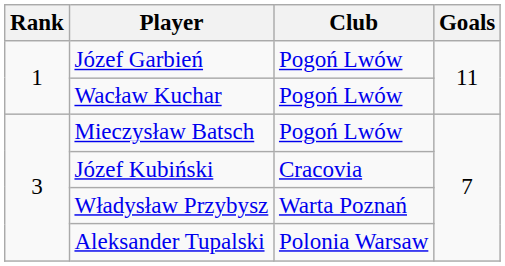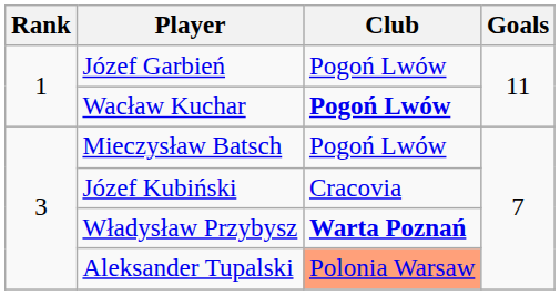 <table class="wikitable" style="text-align:center">
 <tr>
 <th>Rank</th>
 <th>Player</th>
 <th>Club</th>
 <th>Goals</th>
 </tr>
 <tr>
 <td rowspan="2">1</td>
 <td align="left"> <a href='#'>Józef Garbień</a></td>
 <td align="left"><a href='#'>Pogoń Lwów</a></td>
 <td rowspan="2">11</td>
 </tr>
 <tr>
 <td align="left"> <a href='#'>Wacław Kuchar</a></td>
-<td align="left"><a href='#'>Pogoń Lwów</a></td>
+<td align="left"><strong><a href='#'>Pogoń Lwów</a></strong></td>
 </tr>
 <tr>
 <td rowspan="4">3</td>
 <td align="left"> <a href='#'>Mieczysław Batsch</a></td>
 <td align="left"><a href='#'>Pogoń Lwów</a></td>
 <td rowspan="4">7</td>
 </tr>
 <tr>
 <td align="left"> <a href='#'>Józef Kubiński</a></td>
 <td align="left"><a href='#'>Cracovia</a></td>
 </tr>
 <tr>
 <td align="left"> <a href='#'>Władysław Przybysz</a></td>
-<td align="left"><a href='#'>Warta Poznań</a></td>
+<td align="left"><strong><a href='#'>Warta Poznań</a></strong></td>
 </tr>
 <tr>
 <td align="left"> <a href='#'>Aleksander Tupalski</a></td>
-<td align="left"><a href='#'>Polonia Warsaw</a></td>
+<td align="left" style="background: lightsalmon;"><a href='#'>Polonia Warsaw</a></td>
 </tr>
 </table>
